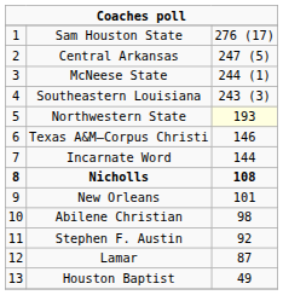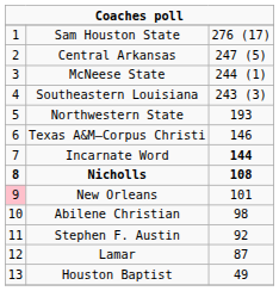 <table class="wikitable">
 <tr align="center">
 <td align="center" Colspan="3"><strong>Coaches poll</strong></td>
 </tr>
 <tr align="center">
 </tr>
 <tr align="center">
 <td>1</td>
 <td>Sam Houston State</td>
 <td>276 (17)</td>
 </tr>
 <tr align="center">
 <td>2</td>
 <td>Central Arkansas</td>
 <td>247 (5)</td>
 </tr>
 <tr align="center">
 <td>3</td>
 <td>McNeese State</td>
 <td>244 (1)</td>
 </tr>
 <tr align="center">
 <td>4</td>
 <td>Southeastern Louisiana</td>
 <td>243 (3)</td>
 </tr>
 <tr align="center">
 <td>5</td>
 <td>Northwestern State</td>
-<td style="background: lightyellow;">193</td>
+<td>193</td>
 </tr>
 <tr align="center">
 <td>6</td>
 <td>Texas A&M–Corpus Christi</td>
 <td>146</td>
 </tr>
 <tr align="center">
 <td>7</td>
 <td>Incarnate Word</td>
-<td>144</td>
+<td><strong>144</strong></td>
 </tr>
 <tr align="center">
 <td><strong>8</strong></td>
 <td><strong>Nicholls</strong></td>
 <td><strong>108</strong></td>
 </tr>
 <tr align="center">
-<td>9</td>
+<td style="background: pink;">9</td>
 <td>New Orleans</td>
 <td>101</td>
 </tr>
 <tr align="center">
 <td>10</td>
 <td>Abilene Christian</td>
 <td>98</td>
 </tr>
 <tr align="center">
 <td>11</td>
 <td>Stephen F. Austin</td>
 <td>92</td>
 </tr>
 <tr align="center">
 <td>12</td>
 <td>Lamar</td>
 <td>87</td>
 </tr>
 <tr align="center">
 <td>13</td>
 <td>Houston Baptist</td>
 <td>49</td>
 </tr>
 <tr align="center">
 </tr>
 </table>
